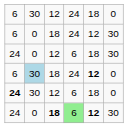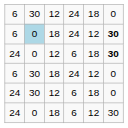 <table class="wikitable" style="margin-left:auto;margin-right:auto;text-align:center;width:12em;height:12em;table-layout:fixed;">
 <tr>
 <td>6</td>
 <td>30</td>
 <td>12</td>
 <td>24</td>
 <td>18</td>
 <td>0</td>
 </tr>
 <tr>
 <td>6</td>
-<td>0</td>
+<td style="background: lightblue;">0</td>
 <td>18</td>
 <td>24</td>
 <td>12</td>
-<td>30</td>
+<td><strong>30</strong></td>
 </tr>
 <tr>
 <td>24</td>
 <td>0</td>
 <td>12</td>
 <td>6</td>
 <td>18</td>
-<td>30</td>
+<td><strong>30</strong></td>
 </tr>
 <tr>
 <td>6</td>
-<td style="background: lightblue;">30</td>
+<td>30</td>
 <td>18</td>
 <td>24</td>
-<td><strong>12</strong></td>
+<td>12</td>
 <td>0</td>
 </tr>
 <tr>
-<td><strong>24</strong></td>
+<td>24</td>
 <td>30</td>
 <td>12</td>
 <td>6</td>
 <td>18</td>
 <td>0</td>
 </tr>
 <tr>
 <td>24</td>
 <td>0</td>
-<td><strong>18</strong></td>
-<td style="background: lightgreen;">6</td>
-<td><strong>12</strong></td>
+<td>18</td>
+<td>6</td>
+<td>12</td>
 <td>30</td>
 </tr>
 </table>
